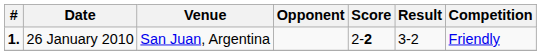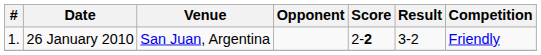 <table class="wikitable">
 <tr>
 <th>#</th>
 <th>Date</th>
 <th>Venue</th>
 <th>Opponent</th>
 <th>Score</th>
 <th>Result</th>
 <th>Competition</th>
 </tr>
 <tr>
-<td><strong>1.</strong></td>
+<td>1.</td>
 <td>26 January 2010</td>
 <td><a href='#'>San Juan</a>, Argentina</td>
 <td></td>
 <td>2-<strong>2</strong></td>
 <td>3-2</td>
 <td><a href='#'>Friendly</a></td>
 </tr>
 <tr>
 </tr>
 </table>
